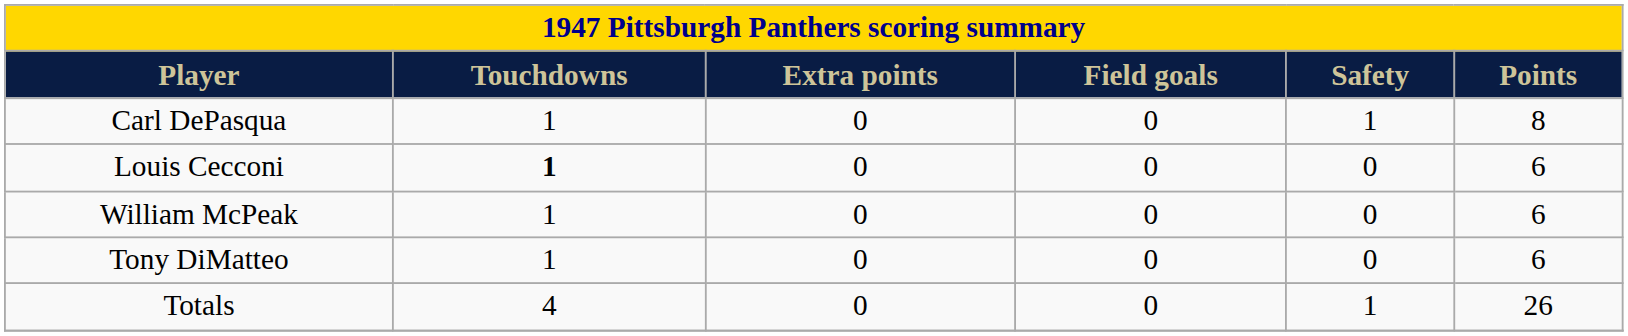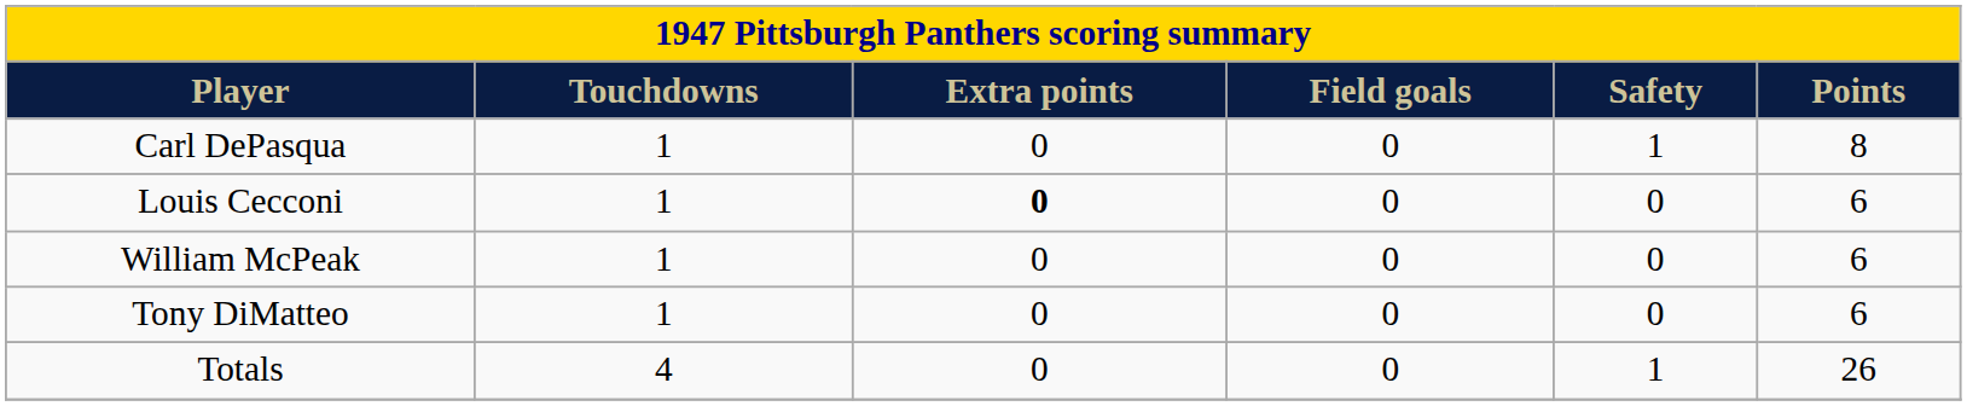 <table class="wikitable" width="70%">
 <tr>
 <th colspan="10" style="background:gold; color:darkblue; text-align: center;"><strong>1947 Pittsburgh Panthers scoring summary</strong></th>
 </tr>
 <tr align="center"  style="background:#091C44;color:#CEC499;">
 <td><strong>Player</strong></td>
 <td><strong>Touchdowns</strong></td>
 <td><strong>Extra points</strong></td>
 <td><strong>Field goals</strong></td>
 <td><strong>Safety</strong></td>
 <td><strong>Points</strong></td>
 </tr>
 <tr align="center" bgcolor="">
 <td>Carl DePasqua</td>
 <td>1</td>
 <td>0</td>
 <td>0</td>
 <td>1</td>
 <td>8</td>
 </tr>
 <tr align="center" bgcolor="">
 <td>Louis Cecconi</td>
-<td><strong>1</strong></td>
-<td>0</td>
+<td>1</td>
+<td><strong>0</strong></td>
 <td>0</td>
 <td>0</td>
 <td>6</td>
 </tr>
 <tr align="center" bgcolor="">
 <td>William McPeak</td>
 <td>1</td>
 <td>0</td>
 <td>0</td>
 <td>0</td>
 <td>6</td>
 </tr>
 <tr align="center" bgcolor="">
 <td>Tony DiMatteo</td>
 <td>1</td>
 <td>0</td>
 <td>0</td>
 <td>0</td>
 <td>6</td>
 </tr>
 <tr align="center" bgcolor="">
 <td>Totals</td>
 <td>4</td>
 <td>0</td>
 <td>0</td>
 <td>1</td>
 <td>26</td>
 </tr>
 <tr align="center" bgcolor="">
 </tr>
 </table>
